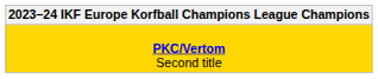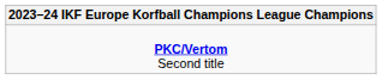 <table class=wikitable style="text-align:center; margin:auto">
 <tr>
 <th>2023–24 IKF Europe Korfball Champions League Champions</th>
 </tr>
 <tr>
-<td style="background: gold;"> <br><strong><a href='#'>PKC/Vertom</a></strong><br>Second title</td>
+<td> <br><strong><a href='#'>PKC/Vertom</a></strong><br>Second title</td>
 </tr>
 </table>
